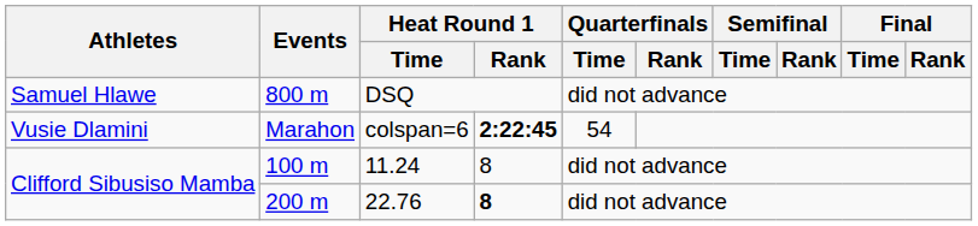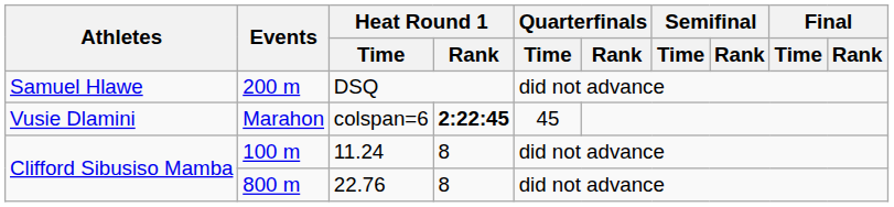 <table class=wikitable style=font-size:90%>
 <tr>
 <th rowspan=2>Athletes</th>
 <th rowspan=2>Events</th>
 <th colspan=2>Heat Round 1</th>
 <th colspan=2>Quarterfinals</th>
 <th colspan=2>Semifinal</th>
 <th colspan=2>Final</th>
 </tr>
 <tr>
 <th>Time</th>
 <th>Rank</th>
 <th>Time</th>
 <th>Rank</th>
 <th>Time</th>
 <th>Rank</th>
 <th>Time</th>
 <th>Rank</th>
 </tr>
 <tr>
 <td><a href='#'>Samuel Hlawe</a></td>
-<td><a href='#'>800 m</a></td>
+<td align=left><a href='#'>200 m</a></td>
 <td colspan=2>DSQ</td>
 <td colspan=6>did not advance</td>
 </tr>
 <tr>
 <td><a href='#'>Vusie Dlamini</a></td>
 <td><a href='#'>Marahon</a></td>
 <td>colspan=6 </td>
 <td align=center><strong>2:22:45</strong></td>
-<td align=center>54</td>
+<td align=center>45</td>
 </tr>
 <tr>
 <td style="text-align:left;" rowspan="2"><a href='#'>Clifford Sibusiso Mamba</a></td>
 <td align=left><a href='#'>100 m</a></td>
 <td>11.24</td>
 <td>8</td>
 <td colspan=6>did not advance</td>
 </tr>
 <tr>
-<td align=left><a href='#'>200 m</a></td>
+<td><a href='#'>800 m</a></td>
 <td>22.76</td>
-<td><strong>8</strong></td>
+<td>8</td>
 <td colspan=6>did not advance</td>
 </tr>
 </table>
